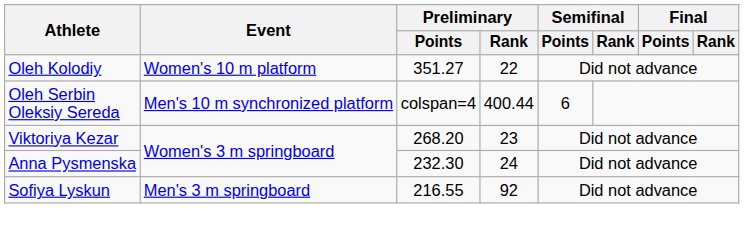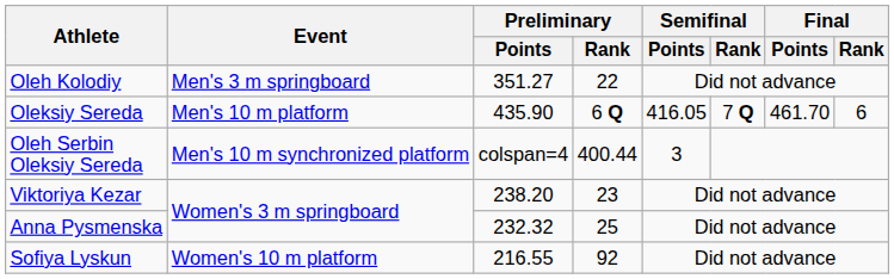 <table class=wikitable style="font-size:90%">
 <tr>
 <th rowspan="2">Athlete</th>
 <th rowspan="2">Event</th>
 <th colspan="2">Preliminary</th>
 <th colspan="2">Semifinal</th>
 <th colspan="2">Final</th>
 </tr>
 <tr style="font-size:95%">
 <th>Points</th>
 <th>Rank</th>
 <th>Points</th>
 <th>Rank</th>
 <th>Points</th>
 <th>Rank</th>
 </tr>
 <tr align=center>
 <td align=left><a href='#'>Oleh Kolodiy</a></td>
-<td align="left"><a href='#'>Women's 10 m platform</a></td>
+<td align=left><a href='#'>Men's 3 m springboard</a></td>
 <td>351.27</td>
 <td>22</td>
 <td colspan="4">Did not advance</td>
+</tr>
+<tr align=center>
+<td align=left><a href='#'>Oleksiy Sereda</a></td>
+<td align="left"><a href='#'>Men's 10 m platform</a></td>
+<td>435.90</td>
+<td>6 <strong>Q</strong></td>
+<td>416.05</td>
+<td>7 <strong>Q</strong></td>
+<td>461.70</td>
+<td>6</td>
 </tr>
 <tr align=center>
 <td align=left><a href='#'>Oleh Serbin</a><br><a href='#'>Oleksiy Sereda</a></td>
 <td align=left><a href='#'>Men's 10 m synchronized platform</a></td>
 <td>colspan=4 </td>
 <td>400.44</td>
-<td>6</td>
+<td>3</td>
 </tr>
 <tr align=center>
 <td align=left><a href='#'>Viktoriya Kezar</a></td>
 <td rowspan="2" align="left"><a href='#'>Women's 3 m springboard</a></td>
-<td>268.20</td>
+<td>238.20</td>
 <td>23</td>
 <td colspan="4">Did not advance</td>
 </tr>
 <tr align=center>
 <td align=left><a href='#'>Anna Pysmenska</a></td>
-<td>232.30</td>
-<td>24</td>
+<td>232.32</td>
+<td>25</td>
 <td colspan="4">Did not advance</td>
 </tr>
 <tr align=center>
 <td align=left><a href='#'>Sofiya Lyskun</a></td>
-<td align=left><a href='#'>Men's 3 m springboard</a></td>
+<td align="left"><a href='#'>Women's 10 m platform</a></td>
 <td>216.55</td>
 <td>92</td>
 <td colspan="4">Did not advance</td>
 </tr>
 </table>
